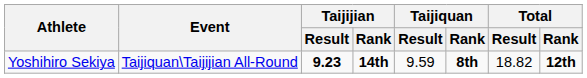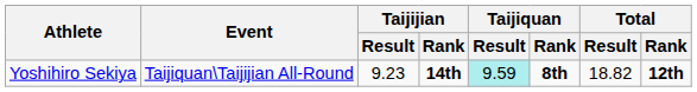 <table class=wikitable style="font-size:90%">
 <tr>
 <th rowspan="2">Athlete</th>
 <th rowspan="2">Event</th>
 <th colspan="2">Taijijian</th>
 <th colspan="2">Taijiquan</th>
 <th colspan="2">Total</th>
 </tr>
 <tr>
 <th>Result</th>
 <th>Rank</th>
 <th>Result</th>
 <th>Rank</th>
 <th>Result</th>
 <th>Rank</th>
 </tr>
 <tr>
 <td><a href='#'>Yoshihiro Sekiya</a></td>
 <td><a href='#'>Taijiquan\Taijijian All-Round</a></td>
-<td align=center><strong>9.23</strong></td>
+<td align=center>9.23</td>
 <td align=center><strong>14th</strong></td>
-<td align=center>9.59</td>
+<td align=center style="background: paleturquoise;">9.59</td>
 <td align=center><strong>8th</strong></td>
 <td align=center>18.82</td>
 <td align=center><strong>12th</strong></td>
 </tr>
 </table>
